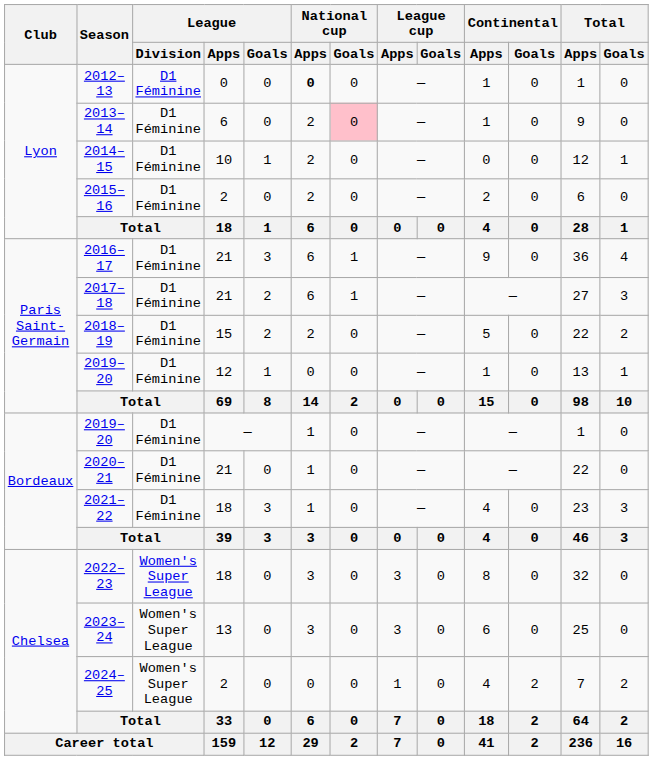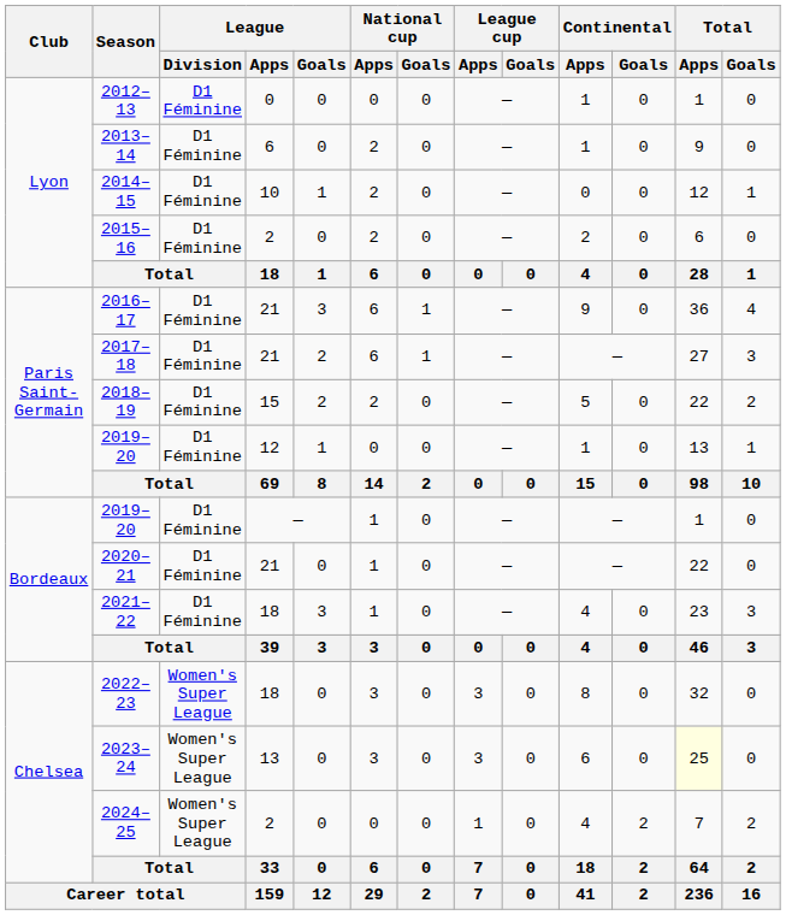 <table class="wikitable" style="text-align: center">
 <tr>
 <th rowspan="2">Club</th>
 <th rowspan="2">Season</th>
 <th colspan="3">League</th>
 <th colspan="2">National cup</th>
 <th colspan="2">League cup</th>
 <th colspan="2">Continental</th>
 <th colspan="2">Total</th>
 </tr>
 <tr>
 <th>Division</th>
 <th>Apps</th>
 <th>Goals</th>
 <th>Apps</th>
 <th>Goals</th>
 <th>Apps</th>
 <th>Goals</th>
 <th>Apps</th>
 <th>Goals</th>
 <th>Apps</th>
 <th>Goals</th>
 </tr>
 <tr>
 <td rowspan="5"><a href='#'>Lyon</a></td>
 <td><a href='#'>2012–13</a></td>
 <td><a href='#'>D1 Féminine</a></td>
 <td>0</td>
 <td>0</td>
-<td><strong>0</strong></td>
+<td>0</td>
 <td>0</td>
 <td colspan="2">—</td>
 <td>1</td>
 <td>0</td>
 <td>1</td>
 <td>0</td>
 </tr>
 <tr>
 <td><a href='#'>2013–14</a></td>
 <td>D1 Féminine</td>
 <td>6</td>
 <td>0</td>
 <td>2</td>
-<td style="background: pink;">0</td>
+<td>0</td>
 <td colspan="2">—</td>
 <td>1</td>
 <td>0</td>
 <td>9</td>
 <td>0</td>
 </tr>
 <tr>
 <td><a href='#'>2014–15</a></td>
 <td>D1 Féminine</td>
 <td>10</td>
 <td>1</td>
 <td>2</td>
 <td>0</td>
 <td colspan="2">—</td>
 <td>0</td>
 <td>0</td>
 <td>12</td>
 <td>1</td>
 </tr>
 <tr>
 <td><a href='#'>2015–16</a></td>
 <td>D1 Féminine</td>
 <td>2</td>
 <td>0</td>
 <td>2</td>
 <td>0</td>
 <td colspan="2">—</td>
 <td>2</td>
 <td>0</td>
 <td>6</td>
 <td>0</td>
 </tr>
 <tr>
 <th colspan="2">Total</th>
 <th>18</th>
 <th>1</th>
 <th>6</th>
 <th>0</th>
 <th>0</th>
 <th>0</th>
 <th>4</th>
 <th>0</th>
 <th>28</th>
 <th>1</th>
 </tr>
 <tr>
 <td rowspan="5"><a href='#'>Paris Saint-Germain</a></td>
 <td><a href='#'>2016–17</a></td>
 <td>D1 Féminine</td>
 <td>21</td>
 <td>3</td>
 <td>6</td>
 <td>1</td>
 <td colspan="2">—</td>
 <td>9</td>
 <td>0</td>
 <td>36</td>
 <td>4</td>
 </tr>
 <tr>
 <td><a href='#'>2017–18</a></td>
 <td>D1 Féminine</td>
 <td>21</td>
 <td>2</td>
 <td>6</td>
 <td>1</td>
 <td colspan="2">—</td>
 <td colspan="2">—</td>
 <td>27</td>
 <td>3</td>
 </tr>
 <tr>
 <td><a href='#'>2018–19</a></td>
 <td>D1 Féminine</td>
 <td>15</td>
 <td>2</td>
 <td>2</td>
 <td>0</td>
 <td colspan="2">—</td>
 <td>5</td>
 <td>0</td>
 <td>22</td>
 <td>2</td>
 </tr>
 <tr>
 <td><a href='#'>2019–20</a></td>
 <td>D1 Féminine</td>
 <td>12</td>
 <td>1</td>
 <td>0</td>
 <td>0</td>
 <td colspan="2">—</td>
 <td>1</td>
 <td>0</td>
 <td>13</td>
 <td>1</td>
 </tr>
 <tr>
 <th colspan="2">Total</th>
 <th>69</th>
 <th>8</th>
 <th>14</th>
 <th>2</th>
 <th>0</th>
 <th>0</th>
 <th>15</th>
 <th>0</th>
 <th>98</th>
 <th>10</th>
 </tr>
 <tr>
 <td rowspan="4"><a href='#'>Bordeaux</a></td>
 <td><a href='#'>2019–20</a></td>
 <td>D1 Féminine</td>
 <td colspan="2">—</td>
 <td>1</td>
 <td>0</td>
 <td colspan="2">—</td>
 <td colspan="2">—</td>
 <td>1</td>
 <td>0</td>
 </tr>
 <tr>
 <td><a href='#'>2020–21</a></td>
 <td>D1 Féminine</td>
 <td>21</td>
 <td>0</td>
 <td>1</td>
 <td>0</td>
 <td colspan="2">—</td>
 <td colspan="2">—</td>
 <td>22</td>
 <td>0</td>
 </tr>
 <tr>
 <td><a href='#'>2021–22</a></td>
 <td>D1 Féminine</td>
 <td>18</td>
 <td>3</td>
 <td>1</td>
 <td>0</td>
 <td colspan="2">—</td>
 <td>4</td>
 <td>0</td>
 <td>23</td>
 <td>3</td>
 </tr>
 <tr>
 <th colspan="2">Total</th>
 <th>39</th>
 <th>3</th>
 <th>3</th>
 <th>0</th>
 <th>0</th>
 <th>0</th>
 <th>4</th>
 <th>0</th>
 <th>46</th>
 <th>3</th>
 </tr>
 <tr>
 <td rowspan="4"><a href='#'>Chelsea</a></td>
 <td><a href='#'>2022–23</a></td>
 <td><a href='#'>Women's Super League</a></td>
 <td>18</td>
 <td>0</td>
 <td>3</td>
 <td>0</td>
 <td>3</td>
 <td>0</td>
 <td>8</td>
 <td>0</td>
 <td>32</td>
 <td>0</td>
 </tr>
 <tr>
 <td><a href='#'>2023–24</a></td>
 <td>Women's Super League</td>
 <td>13</td>
 <td>0</td>
 <td>3</td>
 <td>0</td>
 <td>3</td>
 <td>0</td>
 <td>6</td>
 <td>0</td>
-<td>25</td>
+<td style="background: lightyellow;">25</td>
 <td>0</td>
 </tr>
 <tr>
 <td><a href='#'>2024–25</a></td>
 <td>Women's Super League</td>
 <td>2</td>
 <td>0</td>
 <td>0</td>
 <td>0</td>
 <td>1</td>
 <td>0</td>
 <td>4</td>
 <td>2</td>
 <td>7</td>
 <td>2</td>
 </tr>
 <tr>
 <th colspan="2">Total</th>
 <th>33</th>
 <th>0</th>
 <th>6</th>
 <th>0</th>
 <th>7</th>
 <th>0</th>
 <th>18</th>
 <th>2</th>
 <th>64</th>
 <th>2</th>
 </tr>
 <tr>
 <th colspan="3">Career total</th>
 <th>159</th>
 <th>12</th>
 <th>29</th>
 <th>2</th>
 <th>7</th>
 <th>0</th>
 <th>41</th>
 <th>2</th>
 <th>236</th>
 <th>16</th>
 </tr>
 </table>
